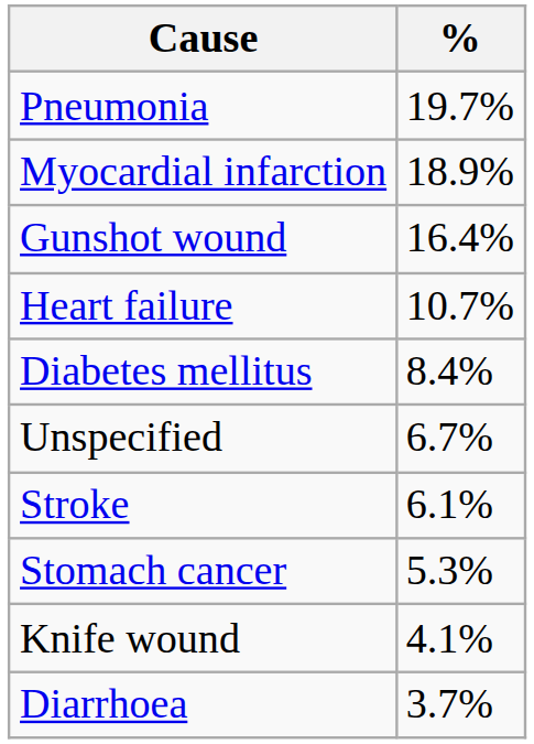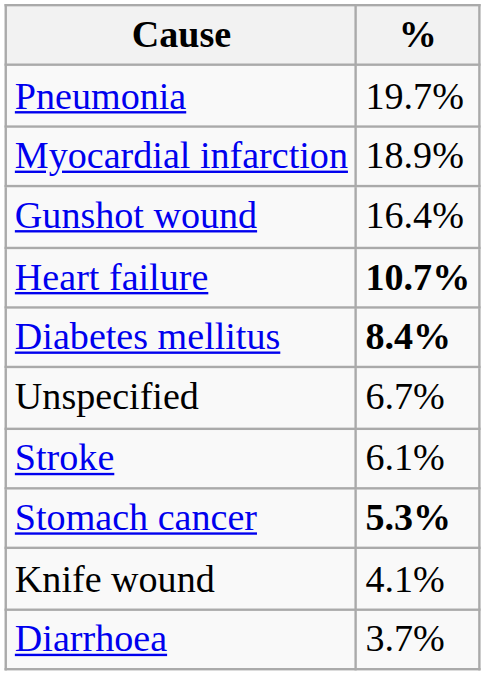 <table class="wikitable" style="margin: 1em auto 1em auto">
 <tr>
 <th><strong>Cause</strong></th>
 <th><strong>%</strong></th>
 </tr>
 <tr>
 <td><a href='#'>Pneumonia</a></td>
 <td>19.7%</td>
 </tr>
 <tr>
 <td><a href='#'>Myocardial infarction</a></td>
 <td>18.9%</td>
 </tr>
 <tr>
 <td><a href='#'>Gunshot wound</a></td>
 <td>16.4%</td>
 </tr>
 <tr>
 <td><a href='#'>Heart failure</a></td>
-<td>10.7%</td>
+<td><strong>10.7%</strong></td>
 </tr>
 <tr>
 <td><a href='#'>Diabetes mellitus</a></td>
-<td>8.4%</td>
+<td><strong>8.4%</strong></td>
 </tr>
 <tr>
 <td>Unspecified</td>
 <td>6.7%</td>
 </tr>
 <tr>
 <td><a href='#'>Stroke</a></td>
 <td>6.1%</td>
 </tr>
 <tr>
 <td><a href='#'>Stomach cancer</a></td>
-<td>5.3%</td>
+<td><strong>5.3%</strong></td>
 </tr>
 <tr>
 <td>Knife wound</td>
 <td>4.1%</td>
 </tr>
 <tr>
 <td><a href='#'>Diarrhoea</a></td>
 <td>3.7%</td>
 </tr>
 </table>
